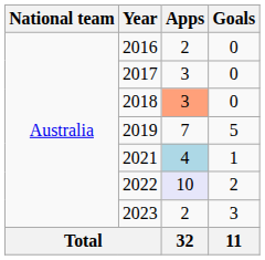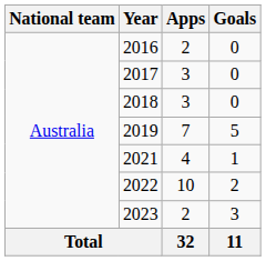 <table class="wikitable" style="text-align:center">
 <tr>
 <th>National team</th>
 <th>Year</th>
 <th>Apps</th>
 <th>Goals</th>
 </tr>
 <tr>
 <td rowspan="7"><a href='#'>Australia</a></td>
 <td>2016</td>
 <td>2</td>
 <td>0</td>
 </tr>
 <tr>
 <td>2017</td>
 <td>3</td>
 <td>0</td>
 </tr>
 <tr>
 <td>2018</td>
-<td style="background: lightsalmon;">3</td>
+<td>3</td>
 <td>0</td>
 </tr>
 <tr>
 <td>2019</td>
 <td>7</td>
 <td>5</td>
 </tr>
 <tr>
 <td>2021</td>
-<td style="background: lightblue;">4</td>
+<td>4</td>
 <td>1</td>
 </tr>
 <tr>
 <td>2022</td>
-<td style="background: lavender;">10</td>
+<td>10</td>
 <td>2</td>
 </tr>
 <tr>
 <td>2023</td>
 <td>2</td>
 <td>3</td>
 </tr>
 <tr>
 <th colspan="2">Total</th>
 <th>32</th>
 <th>11</th>
 </tr>
 </table>
